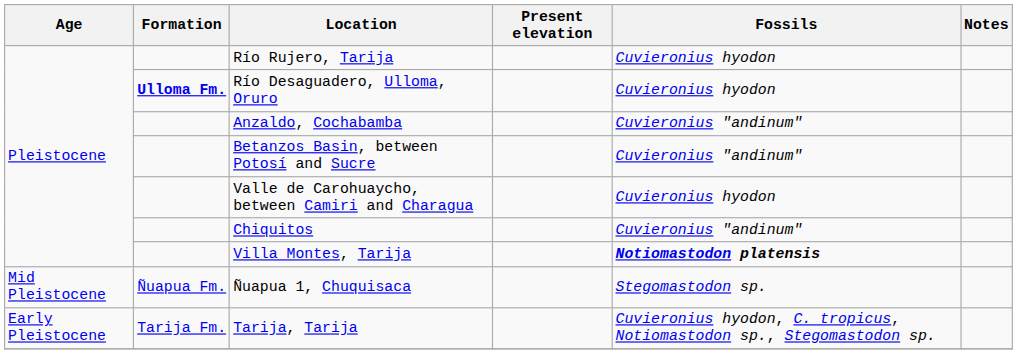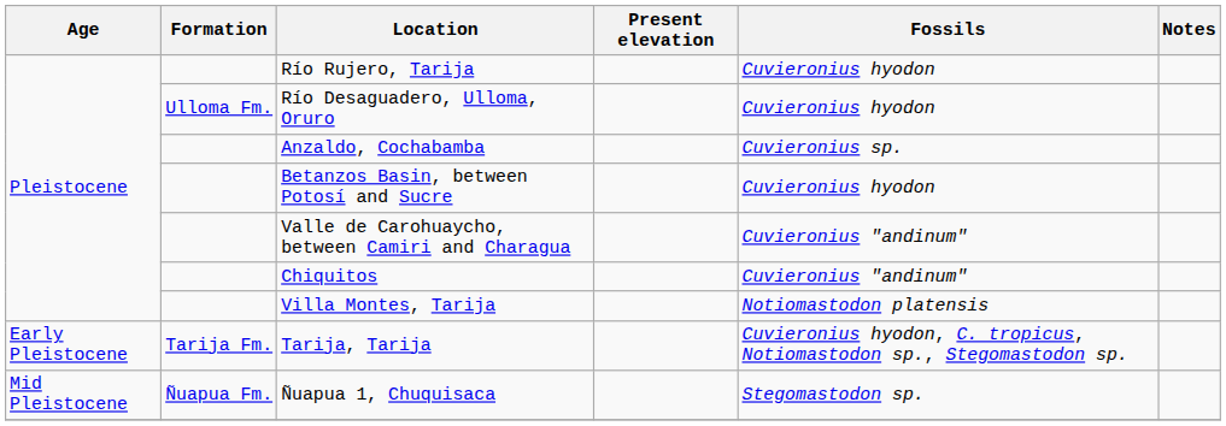 <table class="wikitable sortable" style="width: 70%;">
 <tr>
 <th>Age</th>
 <th>Formation</th>
 <th>Location</th>
 <th>Present elevation</th>
 <th>Fossils</th>
 <th class="unsortable">Notes</th>
 </tr>
 <tr>
 <td rowspan=7 style="background-color: "><a href='#'>Pleistocene</a></td>
 <td></td>
 <td>Río Rujero, <a href='#'>Tarija</a></td>
 <td></td>
 <td><em><a href='#'>Cuvieronius</a> hyodon</em></td>
 <td></td>
 </tr>
 <tr>
-<td><strong><a href='#'>Ulloma Fm.</a></strong></td>
+<td><a href='#'>Ulloma Fm.</a></td>
 <td>Río Desaguadero, <a href='#'>Ulloma</a>, <a href='#'>Oruro</a></td>
 <td></td>
 <td><em><a href='#'>Cuvieronius</a> hyodon</em></td>
 <td></td>
 </tr>
 <tr>
 <td></td>
 <td><a href='#'>Anzaldo</a>, <a href='#'>Cochabamba</a></td>
 <td></td>
-<td><em><a href='#'>Cuvieronius</a> "andinum"</em></td>
+<td><em><a href='#'>Cuvieronius</a> sp.</em></td>
 <td></td>
 </tr>
 <tr>
 <td></td>
 <td><a href='#'>Betanzos Basin</a>, between <a href='#'>Potosí</a> and <a href='#'>Sucre</a></td>
 <td></td>
-<td><em><a href='#'>Cuvieronius</a> "andinum"</em></td>
+<td><em><a href='#'>Cuvieronius</a> hyodon</em></td>
 <td></td>
 </tr>
 <tr>
 <td></td>
 <td>Valle de Carohuaycho, between <a href='#'>Camiri</a> and <a href='#'>Charagua</a></td>
 <td></td>
-<td><em><a href='#'>Cuvieronius</a> hyodon</em></td>
+<td><em><a href='#'>Cuvieronius</a> "andinum"</em></td>
 <td></td>
 </tr>
 <tr>
 <td></td>
 <td><a href='#'>Chiquitos</a></td>
 <td></td>
 <td><em><a href='#'>Cuvieronius</a> "andinum"</em></td>
 <td></td>
 </tr>
 <tr>
 <td></td>
 <td><a href='#'>Villa Montes</a>, <a href='#'>Tarija</a></td>
 <td></td>
-<td><strong><em><a href='#'>Notiomastodon</a> platensis</em></strong></td>
+<td><em><a href='#'>Notiomastodon</a> platensis</em></td>
+<td></td>
+</tr>
+<tr>
+<td style="background-color: "><a href='#'>Early Pleistocene</a></td>
+<td><a href='#'>Tarija Fm.</a></td>
+<td><a href='#'>Tarija</a>, <a href='#'>Tarija</a></td>
+<td></td>
+<td><em><a href='#'>Cuvieronius</a> hyodon</em>, <em><a href='#'>C. tropicus</a></em>, <em><a href='#'>Notiomastodon</a> sp.</em>, <em><a href='#'>Stegomastodon</a> sp.</em></td>
 <td></td>
 </tr>
 <tr>
 <td style="background-color: "><a href='#'>Mid Pleistocene</a></td>
 <td><a href='#'>Ñuapua Fm.</a></td>
 <td>Ñuapua 1, <a href='#'>Chuquisaca</a></td>
 <td></td>
 <td><em><a href='#'>Stegomastodon</a> sp.</em></td>
 <td></td>
 </tr>
 <tr>
-<td style="background-color: "><a href='#'>Early Pleistocene</a></td>
-<td><a href='#'>Tarija Fm.</a></td>
-<td><a href='#'>Tarija</a>, <a href='#'>Tarija</a></td>
-<td></td>
-<td><em><a href='#'>Cuvieronius</a> hyodon</em>, <em><a href='#'>C. tropicus</a></em>, <em><a href='#'>Notiomastodon</a> sp.</em>, <em><a href='#'>Stegomastodon</a> sp.</em></td>
-<td></td>
-</tr>
-<tr>
 </tr>
 </table>
